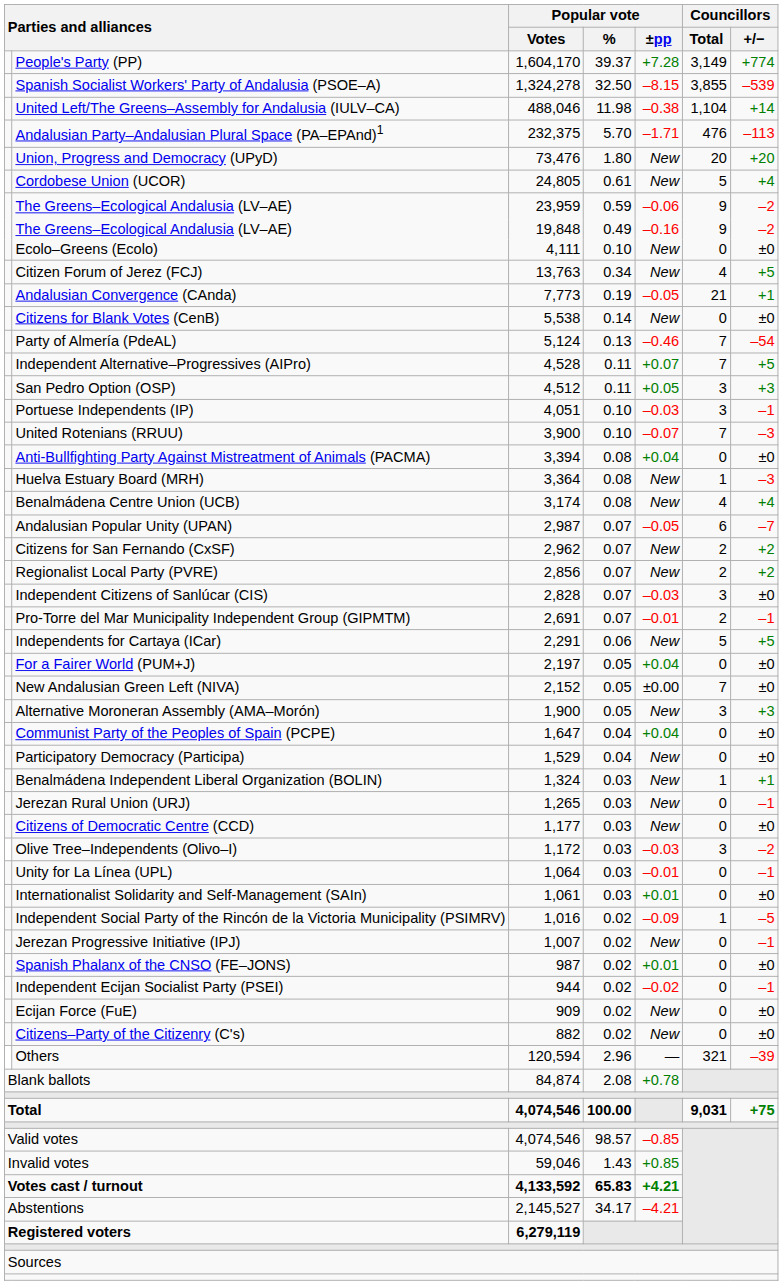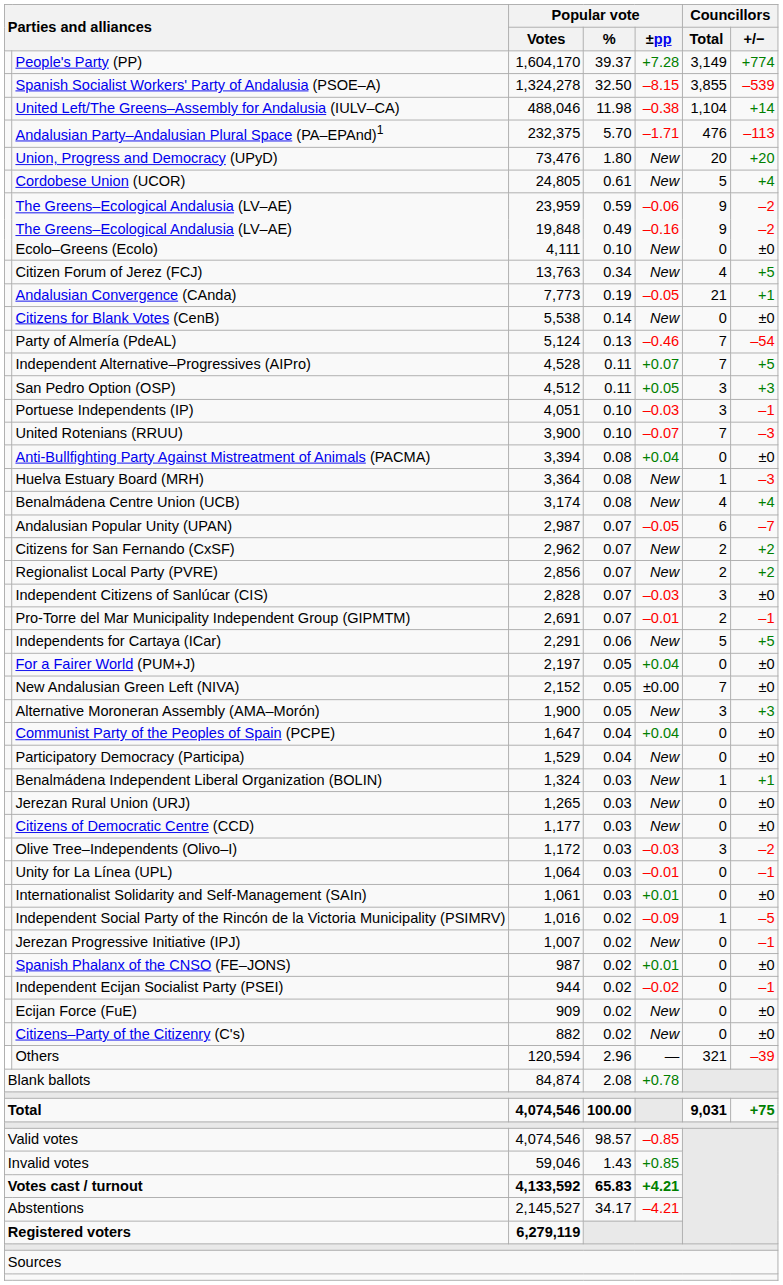 <table class="wikitable" style="text-align:right;">
 <tr>
 <th style="text-align:left;" rowspan="2" colspan="2" width="525">Parties and alliances</th>
 <th colspan="3">Popular vote</th>
 <th colspan="2">Councillors</th>
 </tr>
 <tr>
 <th width="75">Votes</th>
 <th width="45">%</th>
 <th width="45">±<a href='#'>pp</a></th>
 <th width="45">Total</th>
 <th width="45">+/−</th>
 </tr>
 <tr>
 <td width="1" style="color:inherit;background:"></td>
 <td align="left"><a href='#'>People's Party</a> (PP)</td>
 <td>1,604,170</td>
 <td>39.37</td>
 <td style="color:green;">+7.28</td>
 <td>3,149</td>
 <td style="color:green;">+774</td>
 </tr>
 <tr>
 <td style="color:inherit;background:"></td>
 <td align="left"><a href='#'>Spanish Socialist Workers' Party of Andalusia</a> (PSOE–A)</td>
 <td>1,324,278</td>
 <td>32.50</td>
 <td style="color:red;">–8.15</td>
 <td>3,855</td>
 <td style="color:red;">–539</td>
 </tr>
 <tr>
 <td style="color:inherit;background:"></td>
 <td align="left"><a href='#'>United Left/The Greens–Assembly for Andalusia</a> (IULV–CA)</td>
 <td>488,046</td>
 <td>11.98</td>
 <td style="color:red;">–0.38</td>
 <td>1,104</td>
 <td style="color:green;">+14</td>
 </tr>
 <tr>
 <td style="color:inherit;background:"></td>
 <td align="left"><a href='#'>Andalusian Party–Andalusian Plural Space</a> (PA–EPAnd)<sup>1</sup></td>
 <td>232,375</td>
 <td>5.70</td>
 <td style="color:red;">–1.71</td>
 <td>476</td>
 <td style="color:red;">–113</td>
 </tr>
 <tr>
 <td style="color:inherit;background:"></td>
 <td align="left"><a href='#'>Union, Progress and Democracy</a> (UPyD)</td>
 <td>73,476</td>
 <td>1.80</td>
 <td><em>New</em></td>
 <td>20</td>
 <td style="color:green;">+20</td>
 </tr>
 <tr>
 <td style="color:inherit;background:"></td>
 <td align="left"><a href='#'>Cordobese Union</a> (UCOR)</td>
 <td>24,805</td>
 <td>0.61</td>
 <td><em>New</em></td>
 <td>5</td>
 <td style="color:green;">+4</td>
 </tr>
 <tr style="line-height:22px;">
 <td rowspan="3" style="color:inherit;background:"></td>
 <td align="left"><a href='#'>The Greens–Ecological Andalusia</a> (LV–AE)</td>
 <td>23,959</td>
 <td>0.59</td>
 <td style="color:red;">–0.06</td>
 <td>9</td>
 <td style="color:red;">–2</td>
 </tr>
 <tr style="border-bottom-style:hidden; border-top-style:hidden; line-height:16px;">
 <td align="left"><span><a href='#'>The Greens–Ecological Andalusia</a> (LV–AE)</span></td>
 <td>19,848</td>
 <td>0.49</td>
 <td style="color:red;">–0.16</td>
 <td>9</td>
 <td style="color:red;">–2</td>
 </tr>
 <tr style="line-height:16px;">
 <td align="left"><span>Ecolo–Greens (Ecolo)</span></td>
 <td>4,111</td>
 <td>0.10</td>
 <td><em>New</em></td>
 <td>0</td>
 <td>±0</td>
 </tr>
 <tr>
 <td style="color:inherit;background:"></td>
 <td align="left">Citizen Forum of Jerez (FCJ)</td>
 <td>13,763</td>
 <td>0.34</td>
 <td><em>New</em></td>
 <td>4</td>
 <td style="color:green;">+5</td>
 </tr>
 <tr>
 <td style="color:inherit;background:"></td>
 <td align="left"><a href='#'>Andalusian Convergence</a> (CAnda)</td>
 <td>7,773</td>
 <td>0.19</td>
 <td style="color:red;">–0.05</td>
 <td>21</td>
 <td style="color:green;">+1</td>
 </tr>
 <tr>
 <td style="color:inherit;background:"></td>
 <td align="left"><a href='#'>Citizens for Blank Votes</a> (CenB)</td>
 <td>5,538</td>
 <td>0.14</td>
 <td><em>New</em></td>
 <td>0</td>
 <td>±0</td>
 </tr>
 <tr>
 <td style="color:inherit;background:"></td>
 <td align="left">Party of Almería (PdeAL)</td>
 <td>5,124</td>
 <td>0.13</td>
 <td style="color:red;">–0.46</td>
 <td>7</td>
 <td style="color:red;">–54</td>
 </tr>
 <tr>
 <td style="color:inherit;background:"></td>
 <td align="left">Independent Alternative–Progressives (AIPro)</td>
 <td>4,528</td>
 <td>0.11</td>
 <td style="color:green;">+0.07</td>
 <td>7</td>
 <td style="color:green;">+5</td>
 </tr>
 <tr>
 <td style="color:inherit;background:"></td>
 <td align="left">San Pedro Option (OSP)</td>
 <td>4,512</td>
 <td>0.11</td>
 <td style="color:green;">+0.05</td>
 <td>3</td>
 <td style="color:green;">+3</td>
 </tr>
 <tr>
 <td style="color:inherit;background:"></td>
 <td align="left">Portuese Independents (IP)</td>
 <td>4,051</td>
 <td>0.10</td>
 <td style="color:red;">–0.03</td>
 <td>3</td>
 <td style="color:red;">–1</td>
 </tr>
 <tr>
 <td style="color:inherit;background:"></td>
 <td align="left">United Rotenians (RRUU)</td>
 <td>3,900</td>
 <td>0.10</td>
 <td style="color:red;">–0.07</td>
 <td>7</td>
 <td style="color:red;">–3</td>
 </tr>
 <tr>
 <td style="color:inherit;background:"></td>
 <td align="left"><a href='#'>Anti-Bullfighting Party Against Mistreatment of Animals</a> (PACMA)</td>
 <td>3,394</td>
 <td>0.08</td>
 <td style="color:green;">+0.04</td>
 <td>0</td>
 <td>±0</td>
 </tr>
 <tr>
 <td style="color:inherit;background:"></td>
 <td align="left">Huelva Estuary Board (MRH)</td>
 <td>3,364</td>
 <td>0.08</td>
 <td><em>New</em></td>
 <td>1</td>
 <td style="color:red;">–3</td>
 </tr>
 <tr>
 <td style="color:inherit;background:"></td>
 <td align="left">Benalmádena Centre Union (UCB)</td>
 <td>3,174</td>
 <td>0.08</td>
 <td><em>New</em></td>
 <td>4</td>
 <td style="color:green;">+4</td>
 </tr>
 <tr>
 <td style="color:inherit;background:"></td>
 <td align="left">Andalusian Popular Unity (UPAN)</td>
 <td>2,987</td>
 <td>0.07</td>
 <td style="color:red;">–0.05</td>
 <td>6</td>
 <td style="color:red;">–7</td>
 </tr>
 <tr>
 <td style="color:inherit;background:"></td>
 <td align="left">Citizens for San Fernando (CxSF)</td>
 <td>2,962</td>
 <td>0.07</td>
 <td><em>New</em></td>
 <td>2</td>
 <td style="color:green;">+2</td>
 </tr>
 <tr>
 <td style="color:inherit;background:"></td>
 <td align="left">Regionalist Local Party (PVRE)</td>
 <td>2,856</td>
 <td>0.07</td>
 <td><em>New</em></td>
 <td>2</td>
 <td style="color:green;">+2</td>
 </tr>
 <tr>
 <td style="color:inherit;background:"></td>
 <td align="left">Independent Citizens of Sanlúcar (CIS)</td>
 <td>2,828</td>
 <td>0.07</td>
 <td style="color:red;">–0.03</td>
 <td>3</td>
 <td>±0</td>
 </tr>
 <tr>
 <td style="color:inherit;background:"></td>
 <td align="left">Pro-Torre del Mar Municipality Independent Group (GIPMTM)</td>
 <td>2,691</td>
 <td>0.07</td>
 <td style="color:red;">–0.01</td>
 <td>2</td>
 <td style="color:red;">–1</td>
 </tr>
 <tr>
 <td style="color:inherit;background:"></td>
 <td align="left">Independents for Cartaya (ICar)</td>
 <td>2,291</td>
 <td>0.06</td>
 <td><em>New</em></td>
 <td>5</td>
 <td style="color:green;">+5</td>
 </tr>
 <tr>
 <td style="color:inherit;background:"></td>
 <td align="left"><a href='#'>For a Fairer World</a> (PUM+J)</td>
 <td>2,197</td>
 <td>0.05</td>
 <td style="color:green;">+0.04</td>
 <td>0</td>
 <td>±0</td>
 </tr>
 <tr>
 <td style="color:inherit;background:"></td>
 <td align="left">New Andalusian Green Left (NIVA)</td>
 <td>2,152</td>
 <td>0.05</td>
 <td>±0.00</td>
 <td>7</td>
 <td>±0</td>
 </tr>
 <tr>
 <td style="color:inherit;background:"></td>
 <td align="left">Alternative Moroneran Assembly (AMA–Morón)</td>
 <td>1,900</td>
 <td>0.05</td>
 <td><em>New</em></td>
 <td>3</td>
 <td style="color:green;">+3</td>
 </tr>
 <tr>
 <td style="color:inherit;background:"></td>
 <td align="left"><a href='#'>Communist Party of the Peoples of Spain</a> (PCPE)</td>
 <td>1,647</td>
 <td>0.04</td>
 <td style="color:green;">+0.04</td>
 <td>0</td>
 <td>±0</td>
 </tr>
 <tr>
 <td style="color:inherit;background:"></td>
 <td align="left">Participatory Democracy (Participa)</td>
 <td>1,529</td>
 <td>0.04</td>
 <td><em>New</em></td>
 <td>0</td>
 <td>±0</td>
 </tr>
 <tr>
 <td style="color:inherit;background:"></td>
 <td align="left">Benalmádena Independent Liberal Organization (BOLIN)</td>
 <td>1,324</td>
 <td>0.03</td>
 <td><em>New</em></td>
 <td>1</td>
 <td style="color:green;">+1</td>
 </tr>
 <tr>
 <td style="color:inherit;background:"></td>
 <td align="left">Jerezan Rural Union (URJ)</td>
 <td>1,265</td>
 <td>0.03</td>
 <td><em>New</em></td>
 <td>0</td>
-<td style="color:red;">–1</td>
+<td>±0</td>
 </tr>
 <tr>
 <td style="color:inherit;background:"></td>
 <td align="left"><a href='#'>Citizens of Democratic Centre</a> (CCD)</td>
 <td>1,177</td>
 <td>0.03</td>
 <td><em>New</em></td>
 <td>0</td>
 <td>±0</td>
 </tr>
 <tr>
 <td bgcolor="white"></td>
 <td align="left">Olive Tree–Independents (Olivo–I)</td>
 <td>1,172</td>
 <td>0.03</td>
 <td style="color:red;">–0.03</td>
 <td>3</td>
 <td style="color:red;">–2</td>
 </tr>
 <tr>
 <td style="color:inherit;background:"></td>
 <td align="left">Unity for La Línea (UPL)</td>
 <td>1,064</td>
 <td>0.03</td>
 <td style="color:red;">–0.01</td>
 <td>0</td>
 <td style="color:red;">–1</td>
 </tr>
 <tr>
 <td style="color:inherit;background:"></td>
 <td align="left">Internationalist Solidarity and Self-Management (SAIn)</td>
 <td>1,061</td>
 <td>0.03</td>
 <td style="color:green;">+0.01</td>
 <td>0</td>
 <td>±0</td>
 </tr>
 <tr>
 <td style="color:inherit;background:"></td>
 <td align="left">Independent Social Party of the Rincón de la Victoria Municipality (PSIMRV)</td>
 <td>1,016</td>
 <td>0.02</td>
 <td style="color:red;">–0.09</td>
 <td>1</td>
 <td style="color:red;">–5</td>
 </tr>
 <tr>
 <td style="color:inherit;background:"></td>
 <td align="left">Jerezan Progressive Initiative (IPJ)</td>
 <td>1,007</td>
 <td>0.02</td>
 <td><em>New</em></td>
 <td>0</td>
 <td style="color:red;">–1</td>
 </tr>
 <tr>
 <td style="color:inherit;background:"></td>
 <td align="left"><a href='#'>Spanish Phalanx of the CNSO</a> (FE–JONS)</td>
 <td>987</td>
 <td>0.02</td>
 <td style="color:green;">+0.01</td>
 <td>0</td>
 <td>±0</td>
 </tr>
 <tr>
 <td style="color:inherit;background:"></td>
 <td align="left">Independent Ecijan Socialist Party (PSEI)</td>
 <td>944</td>
 <td>0.02</td>
 <td style="color:red;">–0.02</td>
 <td>0</td>
 <td style="color:red;">–1</td>
 </tr>
 <tr>
 <td style="color:inherit;background:"></td>
 <td align="left">Ecijan Force (FuE)</td>
 <td>909</td>
 <td>0.02</td>
 <td><em>New</em></td>
 <td>0</td>
 <td>±0</td>
 </tr>
 <tr>
 <td style="color:inherit;background:"></td>
 <td align="left"><a href='#'>Citizens–Party of the Citizenry</a> (C's)</td>
 <td>882</td>
 <td>0.02</td>
 <td><em>New</em></td>
 <td>0</td>
 <td>±0</td>
 </tr>
 <tr>
 <td bgcolor="white"></td>
 <td align="left">Others</td>
 <td>120,594</td>
 <td>2.96</td>
 <td>—</td>
 <td>321</td>
 <td style="color:red;">–39</td>
 </tr>
 <tr>
 <td align="left" colspan="2">Blank ballots</td>
 <td>84,874</td>
 <td>2.08</td>
 <td style="color:green;">+0.78</td>
 <td bgcolor="#E9E9E9" colspan="2"></td>
 </tr>
 <tr>
 <td colspan="7" bgcolor="#E9E9E9"></td>
 </tr>
 <tr style="font-weight:bold;">
 <td align="left" colspan="2">Total</td>
 <td>4,074,546</td>
 <td>100.00</td>
 <td bgcolor="#E9E9E9"></td>
 <td>9,031</td>
 <td style="color:green;">+75</td>
 </tr>
 <tr>
 <td colspan="7" bgcolor="#E9E9E9"></td>
 </tr>
 <tr>
 <td align="left" colspan="2">Valid votes</td>
 <td>4,074,546</td>
 <td>98.57</td>
 <td style="color:red;">–0.85</td>
 <td bgcolor="#E9E9E9" colspan="2" rowspan="5"></td>
 </tr>
 <tr>
 <td align="left" colspan="2">Invalid votes</td>
 <td>59,046</td>
 <td>1.43</td>
 <td style="color:green;">+0.85</td>
 </tr>
 <tr style="font-weight:bold;">
 <td align="left" colspan="2">Votes cast / turnout</td>
 <td>4,133,592</td>
 <td>65.83</td>
 <td style="color:green;">+4.21</td>
 </tr>
 <tr>
 <td align="left" colspan="2">Abstentions</td>
 <td>2,145,527</td>
 <td>34.17</td>
 <td style="color:red;">–4.21</td>
 </tr>
 <tr style="font-weight:bold;">
 <td align="left" colspan="2">Registered voters</td>
 <td>6,279,119</td>
 <td bgcolor="#E9E9E9" colspan="2"></td>
 </tr>
 <tr>
 <td colspan="7" bgcolor="#E9E9E9"></td>
 </tr>
 <tr>
 <td align="left" colspan="7">Sources</td>
 </tr>
 <tr>
 <td colspan="7" style="text-align:left; max-width:790px;"></td>
 </tr>
 </table>
